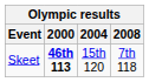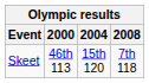 <table class="wikitable" style="text-align: center">
 <tr>
 <th colspan=4>Olympic results</th>
 </tr>
 <tr>
 <th>Event</th>
 <th>2000</th>
 <th>2004</th>
 <th>2008</th>
 </tr>
 <tr>
 <td align=left><a href='#'>Skeet</a></td>
-<td><strong><a href='#'>46th</a><br>113</strong></td>
+<td><a href='#'>46th</a><br>113</td>
 <td><a href='#'>15th</a><br>120</td>
 <td><a href='#'>7th</a><br>118</td>
 </tr>
 </table>
